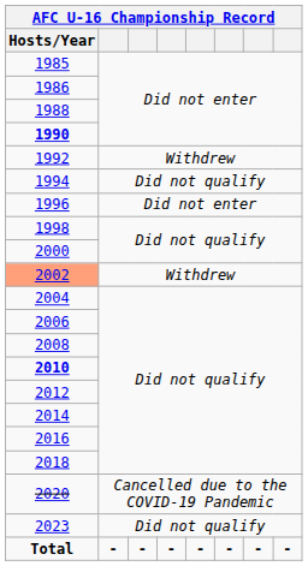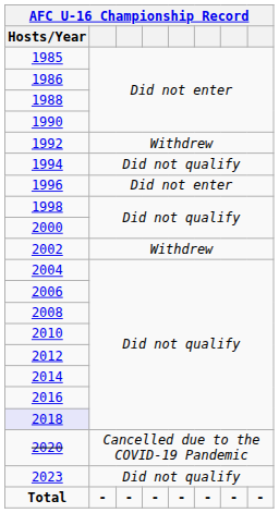 <table class="wikitable" style="text-align: center;">
 <tr>
 <th colspan=9><a href='#'>AFC U-16 Championship Record</a></th>
 </tr>
 <tr>
 <th>Hosts/Year</th>
 <th width=20></th>
 <th width=20></th>
 <th width=20></th>
 <th width=20></th>
 <th width=20></th>
 <th width=20></th>
 <th width=20></th>
 </tr>
 <tr>
 <td> <a href='#'>1985</a></td>
 <td rowspan=4 colspan=7><em>Did not enter</em></td>
 </tr>
 <tr>
 <td> <a href='#'>1986</a></td>
 </tr>
 <tr>
 <td> <a href='#'>1988</a></td>
 </tr>
 <tr>
-<td><strong> <a href='#'>1990</a></strong></td>
+<td> <a href='#'>1990</a></td>
 </tr>
 <tr>
 <td> <a href='#'>1992</a></td>
 <td rowspan=1 colspan=7><em>Withdrew</em></td>
 </tr>
 <tr>
 <td> <a href='#'>1994</a></td>
 <td rowspan=1 colspan=7><em>Did not qualify</em></td>
 </tr>
 <tr>
 <td> <a href='#'>1996</a></td>
 <td rowspan=1 colspan=7><em>Did not enter</em></td>
 </tr>
 <tr>
 <td> <a href='#'>1998</a></td>
 <td rowspan=2 colspan=7><em>Did not qualify</em></td>
 </tr>
 <tr>
 <td> <a href='#'>2000</a></td>
 </tr>
 <tr>
-<td style="background: lightsalmon;"> <a href='#'>2002</a></td>
+<td> <a href='#'>2002</a></td>
 <td rowspan=1 colspan=7><em>Withdrew</em></td>
 </tr>
 <tr>
 <td> <a href='#'>2004</a></td>
 <td rowspan=8 colspan=8><em>Did not qualify</em></td>
 </tr>
 <tr>
 <td> <a href='#'>2006</a></td>
 </tr>
 <tr>
 <td> <a href='#'>2008</a></td>
 </tr>
 <tr>
-<td><strong> <a href='#'>2010</a></strong></td>
+<td> <a href='#'>2010</a></td>
 </tr>
 <tr>
 <td> <a href='#'>2012</a></td>
 </tr>
 <tr>
 <td> <a href='#'>2014</a></td>
 </tr>
 <tr>
 <td> <a href='#'>2016</a></td>
 </tr>
 <tr>
-<td> <a href='#'>2018</a></td>
+<td style="background: lavender;"> <a href='#'>2018</a></td>
 </tr>
 <tr>
 <td> <s><a href='#'>2020</a></s></td>
 <td colspan=9><em>Cancelled due to the COVID-19 Pandemic</em></td>
 </tr>
 <tr>
 <td> <a href='#'>2023</a></td>
 <td colspan=8><em>Did not qualify</em></td>
 </tr>
 <tr>
 <td><strong>Total</strong></td>
 <td><strong>-</strong></td>
 <td><strong>-</strong></td>
 <td><strong>-</strong></td>
 <td><strong>-</strong></td>
 <td><strong>-</strong></td>
 <td><strong>-</strong></td>
 <td><strong>-</strong></td>
 </tr>
 </table>
